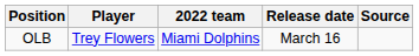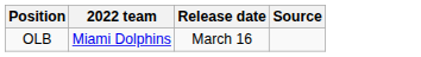 <table class="wikitable" style="text-align:center">
 <tr>
 <th>Position</th>
-<th>Player</th>
 <th>2022 team</th>
 <th>Release date</th>
 <th>Source</th>
 </tr>
 <tr>
 <td>OLB</td>
-<td><a href='#'>Trey Flowers</a></td>
 <td><a href='#'>Miami Dolphins</a></td>
 <td>March 16</td>
 <td></td>
 </tr>
 </table>
